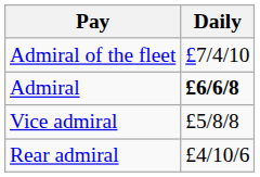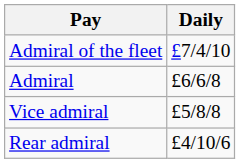 <table class="wikitable">
 <tr>
 <th>Pay</th>
 <th>Daily</th>
 </tr>
 <tr>
 <td><a href='#'>Admiral of the fleet</a></td>
 <td><a href='#'>£</a>7/4/10</td>
 </tr>
 <tr>
 <td><a href='#'>Admiral</a></td>
-<td><strong>£6/6/8</strong></td>
+<td>£6/6/8</td>
 </tr>
 <tr>
 <td><a href='#'>Vice admiral</a></td>
 <td>£5/8/8</td>
 </tr>
 <tr>
 <td><a href='#'>Rear admiral</a></td>
 <td>£4/10/6</td>
 </tr>
 </table>
